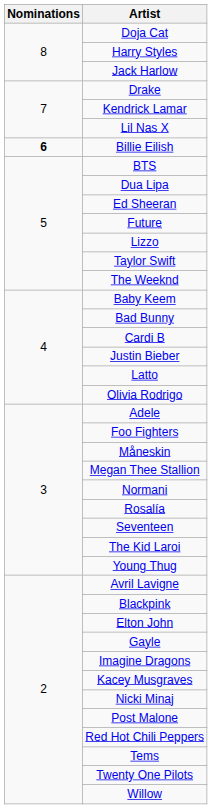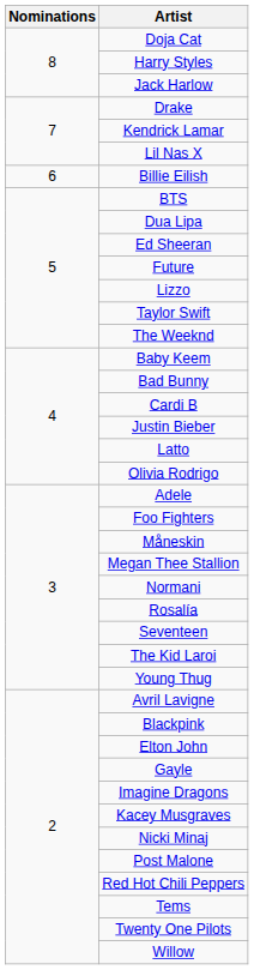 <table class="wikitable" rowspan="2" style="text-align:center">
 <tr>
 <th scope="col" style="width:55px;">Nominations</th>
 <th scope="col" style="text-align:center;">Artist</th>
 </tr>
 <tr>
 <td rowspan="3" style="text-align:center">8</td>
 <td><a href='#'>Doja Cat</a></td>
 </tr>
 <tr>
 <td><a href='#'>Harry Styles</a></td>
 </tr>
 <tr>
 <td><a href='#'>Jack Harlow</a></td>
 </tr>
 <tr>
 <td rowspan="3" style="text-align:center">7</td>
 <td><a href='#'>Drake</a></td>
 </tr>
 <tr>
 <td><a href='#'>Kendrick Lamar</a></td>
 </tr>
 <tr>
 <td><a href='#'>Lil Nas X</a></td>
 </tr>
 <tr>
-<td style="text-align:center"><strong>6</strong></td>
+<td style="text-align:center">6</td>
 <td><a href='#'>Billie Eilish</a></td>
 </tr>
 <tr>
 <td rowspan="7" style="text-align:center">5</td>
 <td><a href='#'>BTS</a></td>
 </tr>
 <tr>
 <td><a href='#'>Dua Lipa</a></td>
 </tr>
 <tr>
 <td><a href='#'>Ed Sheeran</a></td>
 </tr>
 <tr>
 <td><a href='#'>Future</a></td>
 </tr>
 <tr>
 <td><a href='#'>Lizzo</a></td>
 </tr>
 <tr>
 <td><a href='#'>Taylor Swift</a></td>
 </tr>
 <tr>
 <td><a href='#'>The Weeknd</a></td>
 </tr>
 <tr>
 <td rowspan="6" style="text-align:center">4</td>
 <td><a href='#'>Baby Keem</a></td>
 </tr>
 <tr>
 <td><a href='#'>Bad Bunny</a></td>
 </tr>
 <tr>
 <td><a href='#'>Cardi B</a></td>
 </tr>
 <tr>
 <td><a href='#'>Justin Bieber</a></td>
 </tr>
 <tr>
 <td><a href='#'>Latto</a></td>
 </tr>
 <tr>
 <td><a href='#'>Olivia Rodrigo</a></td>
 </tr>
 <tr>
 <td rowspan="9" style="text-align:center">3</td>
 <td><a href='#'>Adele</a></td>
 </tr>
 <tr>
 <td><a href='#'>Foo Fighters</a></td>
 </tr>
 <tr>
 <td><a href='#'>Måneskin</a></td>
 </tr>
 <tr>
 <td><a href='#'>Megan Thee Stallion</a></td>
 </tr>
 <tr>
 <td><a href='#'>Normani</a></td>
 </tr>
 <tr>
 <td><a href='#'>Rosalía</a></td>
 </tr>
 <tr>
 <td><a href='#'>Seventeen</a></td>
 </tr>
 <tr>
 <td><a href='#'>The Kid Laroi</a></td>
 </tr>
 <tr>
 <td><a href='#'>Young Thug</a></td>
 </tr>
 <tr>
 <td rowspan="12" style="text-align:center">2</td>
 <td><a href='#'>Avril Lavigne</a></td>
 </tr>
 <tr>
 <td><a href='#'>Blackpink</a></td>
 </tr>
 <tr>
 <td><a href='#'>Elton John</a></td>
 </tr>
 <tr>
 <td><a href='#'>Gayle</a></td>
 </tr>
 <tr>
 <td><a href='#'>Imagine Dragons</a></td>
 </tr>
 <tr>
 <td><a href='#'>Kacey Musgraves</a></td>
 </tr>
 <tr>
 <td><a href='#'>Nicki Minaj</a></td>
 </tr>
 <tr>
 <td><a href='#'>Post Malone</a></td>
 </tr>
 <tr>
 <td><a href='#'>Red Hot Chili Peppers</a></td>
 </tr>
 <tr>
 <td><a href='#'>Tems</a></td>
 </tr>
 <tr>
 <td><a href='#'>Twenty One Pilots</a></td>
 </tr>
 <tr>
 <td><a href='#'>Willow</a></td>
 </tr>
 </table>
